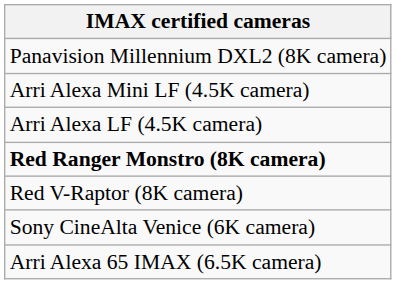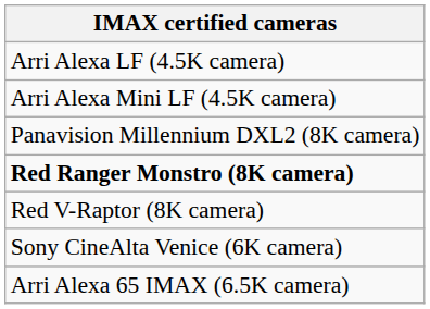 <table class="wikitable">
 <tr>
 <th>IMAX certified cameras</th>
 </tr>
 <tr>
-<td>Panavision Millennium DXL2 (8K camera)</td>
+<td>Arri Alexa LF (4.5K camera)</td>
 </tr>
 <tr>
 <td>Arri Alexa Mini LF (4.5K camera)</td>
 </tr>
 <tr>
-<td>Arri Alexa LF (4.5K camera)</td>
+<td>Panavision Millennium DXL2 (8K camera)</td>
 </tr>
 <tr>
 <td><strong>Red Ranger Monstro (8K camera)</strong></td>
 </tr>
 <tr>
 <td>Red V-Raptor (8K camera)</td>
 </tr>
 <tr>
 <td>Sony CineAlta Venice (6K camera)</td>
 </tr>
 <tr>
 <td>Arri Alexa 65 IMAX (6.5K camera)</td>
 </tr>
 </table>
